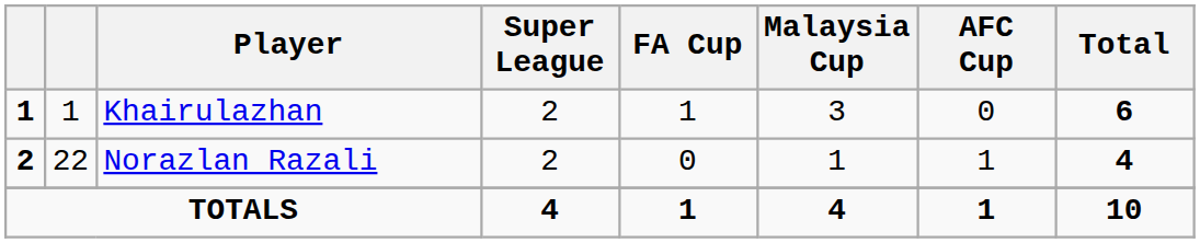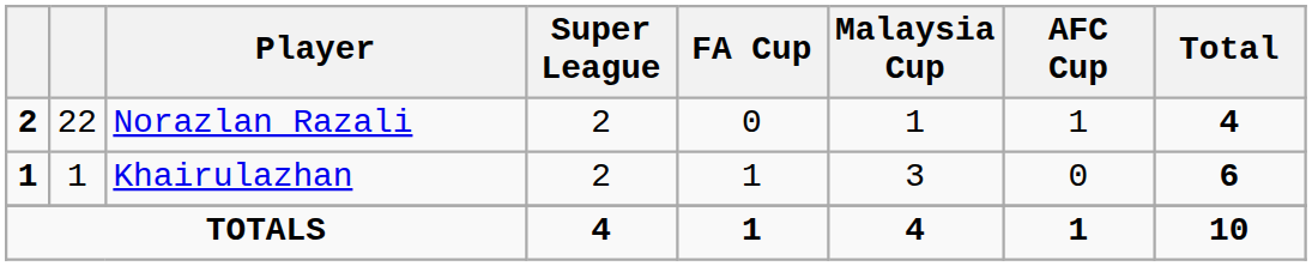 <table class="wikitable sortable" style="font-size: 95%; text-align: center">
 <tr>
 <th width=10></th>
 <th width=10></th>
 <th width=150>Player</th>
 <th width=50>Super League</th>
 <th width=50>FA Cup</th>
 <th width=50>Malaysia Cup</th>
 <th width=50>AFC Cup</th>
 <th width=50>Total</th>
 </tr>
 <tr>
+<td><strong>2</strong></td>
+<td>22</td>
+<td align=left> <a href='#'>Norazlan Razali</a></td>
+<td>2</td>
+<td>0</td>
+<td>1</td>
+<td>1</td>
+<td><strong>4</strong></td>
+</tr>
+<tr>
 <td><strong>1</strong></td>
 <td>1</td>
 <td align=left> <a href='#'>Khairulazhan</a></td>
 <td>2</td>
 <td>1</td>
 <td>3</td>
 <td>0</td>
 <td><strong>6</strong></td>
-</tr>
-<tr>
-<td><strong>2</strong></td>
-<td>22</td>
-<td align=left> <a href='#'>Norazlan Razali</a></td>
-<td>2</td>
-<td>0</td>
-<td>1</td>
-<td>1</td>
-<td><strong>4</strong></td>
 </tr>
 <tr>
 </tr>
 <tr class="sortbottom">
 <td colspan=3><strong>TOTALS</strong></td>
 <td><strong>4</strong></td>
 <td><strong>1</strong></td>
 <td><strong>4</strong></td>
 <td><strong>1</strong></td>
 <td><strong>10</strong></td>
 </tr>
 </table>
